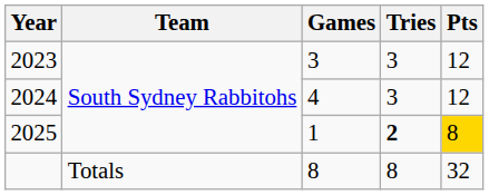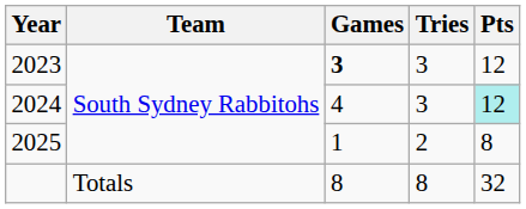 <table class="wikitable">
 <tr>
 <th>Year</th>
 <th>Team</th>
 <th>Games</th>
 <th>Tries</th>
 <th>Pts</th>
 </tr>
 <tr>
 <td>2023</td>
 <td rowspan="3"> <a href='#'>South Sydney Rabbitohs</a></td>
-<td>3</td>
+<td><strong>3</strong></td>
 <td>3</td>
 <td>12</td>
 </tr>
 <tr>
 <td>2024</td>
 <td>4</td>
 <td>3</td>
-<td>12</td>
+<td style="background: paleturquoise;">12</td>
 </tr>
 <tr>
 <td>2025</td>
 <td>1</td>
-<td><strong>2</strong></td>
-<td style="background: gold;">8</td>
+<td>2</td>
+<td>8</td>
 </tr>
 <tr>
 <td></td>
 <td>Totals</td>
 <td>8</td>
 <td>8</td>
 <td>32</td>
 </tr>
 </table>
